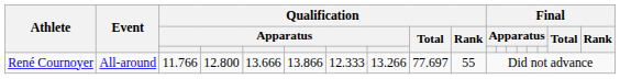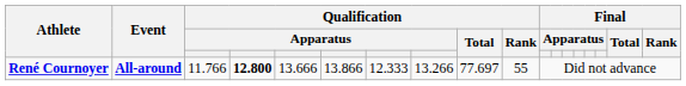 <table class=wikitable style=font-size:90%>
 <tr>
 <th rowspan=3>Athlete</th>
 <th rowspan=3>Event</th>
 <th colspan=8>Qualification</th>
 <th colspan=8>Final</th>
 </tr>
 <tr style=font-size:95%>
 <th colspan=6>Apparatus</th>
 <th rowspan=2>Total</th>
 <th rowspan=2>Rank</th>
 <th colspan=6>Apparatus</th>
 <th rowspan=2>Total</th>
 <th rowspan=2>Rank</th>
 </tr>
 <tr style=font-size:95%>
 <th></th>
 <th></th>
 <th></th>
 <th></th>
 <th></th>
 <th></th>
 <th></th>
 <th></th>
 <th></th>
 <th></th>
 <th></th>
 <th></th>
 </tr>
 <tr align=center>
-<td align=left><a href='#'>René Cournoyer</a></td>
-<td align=left><a href='#'>All-around</a></td>
+<td align=left><strong><a href='#'>René Cournoyer</a></strong></td>
+<td align=left><strong><a href='#'>All-around</a></strong></td>
 <td>11.766</td>
-<td>12.800</td>
+<td><strong>12.800</strong></td>
 <td>13.666</td>
 <td>13.866</td>
 <td>12.333</td>
 <td>13.266</td>
 <td>77.697</td>
 <td>55</td>
 <td colspan=8>Did not advance</td>
 </tr>
 </table>
